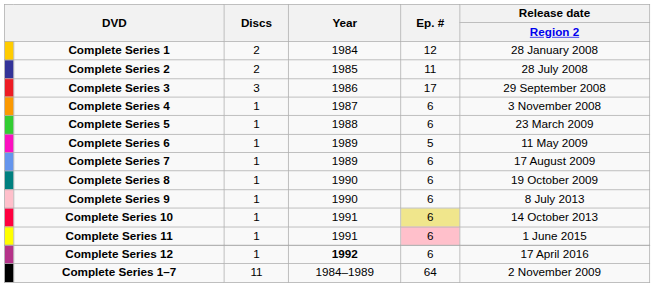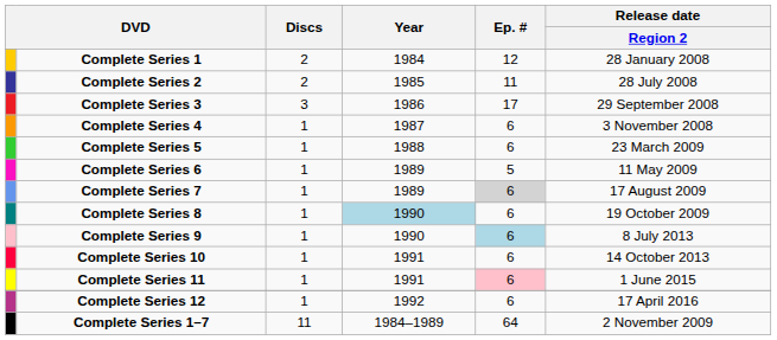 <table class="wikitable"  style="width:70%; left:0 auto; text-align:center;">
 <tr>
 <th colspan=2 rowspan=2>DVD</th>
 <th rowspan=2>Discs</th>
 <th rowspan=2>Year</th>
 <th rowspan=2>Ep. #</th>
 <th>Release date</th>
 </tr>
 <tr>
 <th><a href='#'>Region 2</a></th>
 </tr>
 <tr>
 <td style="background:#fc0; height:10px;"></td>
 <td><strong>Complete Series 1</strong></td>
 <td>2</td>
 <td>1984</td>
 <td>12</td>
 <td>28 January 2008</td>
 </tr>
 <tr>
 <td style="background:#339; height:10px;"></td>
 <td><strong>Complete Series 2</strong></td>
 <td>2</td>
 <td>1985</td>
 <td>11</td>
 <td>28 July 2008</td>
 </tr>
 <tr>
 <td style="background:#ed1c24; height:10px;"></td>
 <td><strong>Complete Series 3</strong></td>
 <td>3</td>
 <td>1986</td>
 <td>17</td>
 <td>29 September 2008</td>
 </tr>
 <tr>
 <td style="background:#fb9902; height:10px;"></td>
 <td><strong>Complete Series 4</strong></td>
 <td>1</td>
 <td>1987</td>
 <td>6</td>
 <td>3 November 2008</td>
 </tr>
 <tr>
 <td style="background:#32cd32; height:10px;"></td>
 <td><strong>Complete Series 5</strong></td>
 <td>1</td>
 <td>1988</td>
 <td>6</td>
 <td>23 March 2009</td>
 </tr>
 <tr>
 <td style="background:#fc0fc0; height:10px;"></td>
 <td><strong>Complete Series 6</strong></td>
 <td>1</td>
 <td>1989</td>
 <td>5</td>
 <td>11 May 2009</td>
 </tr>
 <tr>
 <td style="background:#6495ed; height:10px;"></td>
 <td><strong>Complete Series 7</strong></td>
 <td>1</td>
 <td>1989</td>
-<td>6</td>
+<td style="background: lightgrey;">6</td>
 <td>17 August 2009</td>
 </tr>
 <tr>
 <td style="background:teal; height:10px;"></td>
 <td><strong>Complete Series 8</strong></td>
 <td>1</td>
-<td>1990</td>
+<td style="background: lightblue;">1990</td>
 <td>6</td>
 <td>19 October 2009</td>
 </tr>
 <tr>
 <td style="background:pink; height:10px;"></td>
 <td><strong>Complete Series 9</strong></td>
 <td>1</td>
 <td>1990</td>
-<td>6</td>
+<td style="background: lightblue;">6</td>
 <td>8 July 2013</td>
 </tr>
 <tr>
 <td style="background:#FF003F" "height:10px;"></td>
 <td><strong>Complete Series 10</strong></td>
 <td>1</td>
 <td>1991</td>
-<td style="background: khaki;">6</td>
+<td>6</td>
 <td>14 October 2013</td>
 </tr>
 <tr>
 <td style="background:#FFFF00" "height:10px;"></td>
 <td><strong>Complete Series 11</strong></td>
 <td>1</td>
 <td>1991</td>
 <td style="background: pink;">6</td>
 <td>1 June 2015</td>
 </tr>
 <tr>
 </tr>
 <tr>
 <td style="background:#B53389" "height:10px;"></td>
 <td><strong>Complete Series 12</strong></td>
 <td>1</td>
-<td><strong>1992</strong></td>
+<td>1992</td>
 <td>6</td>
 <td>17 April 2016</td>
 </tr>
 <tr>
 <td style="background:#000; height:10px;"></td>
 <td><strong>Complete Series 1–7</strong></td>
 <td>11</td>
 <td>1984–1989</td>
 <td>64</td>
 <td>2 November 2009</td>
 </tr>
 </table>
